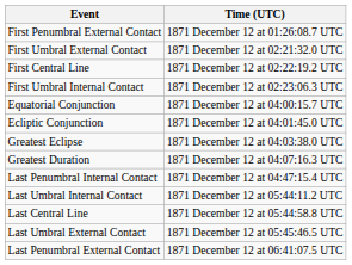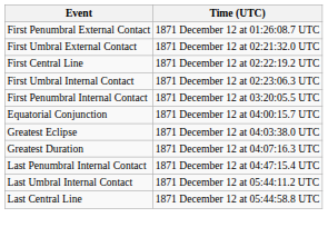 <table class="wikitable">
 <tr>
 <th>Event</th>
 <th>Time (UTC)</th>
 </tr>
 <tr>
 <td>First Penumbral External Contact</td>
 <td>1871 December 12 at 01:26:08.7 UTC</td>
 </tr>
 <tr>
 <td>First Umbral External Contact</td>
 <td>1871 December 12 at 02:21:32.0 UTC</td>
 </tr>
 <tr>
 <td>First Central Line</td>
 <td>1871 December 12 at 02:22:19.2 UTC</td>
 </tr>
 <tr>
 <td>First Umbral Internal Contact</td>
 <td>1871 December 12 at 02:23:06.3 UTC</td>
 </tr>
 <tr>
+<td>First Penumbral Internal Contact</td>
+<td>1871 December 12 at 03:20:05.5 UTC</td>
+</tr>
+<tr>
 <td>Equatorial Conjunction</td>
 <td>1871 December 12 at 04:00:15.7 UTC</td>
-</tr>
-<tr>
-<td>Ecliptic Conjunction</td>
-<td>1871 December 12 at 04:01:45.0 UTC</td>
 </tr>
 <tr>
 <td>Greatest Eclipse</td>
 <td>1871 December 12 at 04:03:38.0 UTC</td>
 </tr>
 <tr>
 <td>Greatest Duration</td>
 <td>1871 December 12 at 04:07:16.3 UTC</td>
 </tr>
 <tr>
 <td>Last Penumbral Internal Contact</td>
 <td>1871 December 12 at 04:47:15.4 UTC</td>
 </tr>
 <tr>
 <td>Last Umbral Internal Contact</td>
 <td>1871 December 12 at 05:44:11.2 UTC</td>
 </tr>
 <tr>
 <td>Last Central Line</td>
 <td>1871 December 12 at 05:44:58.8 UTC</td>
 </tr>
-<tr>
-<td>Last Umbral External Contact</td>
-<td>1871 December 12 at 05:45:46.5 UTC</td>
-</tr>
-<tr>
-<td>Last Penumbral External Contact</td>
-<td>1871 December 12 at 06:41:07.5 UTC</td>
-</tr>
 </table>
